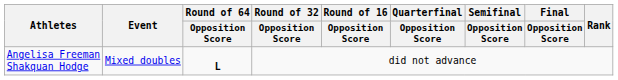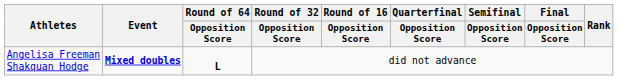 <table class="wikitable" style="font-size:90%">
 <tr>
 <th rowspan=2>Athletes</th>
 <th rowspan=2>Event</th>
 <th>Round of 64</th>
 <th>Round of 32</th>
 <th>Round of 16</th>
 <th>Quarterfinal</th>
 <th>Semifinal</th>
 <th>Final</th>
 <th rowspan=2>Rank</th>
 </tr>
 <tr style="font-size:95%">
 <th>Opposition<br>Score</th>
 <th>Opposition<br>Score</th>
 <th>Opposition<br>Score</th>
 <th>Opposition<br>Score</th>
 <th>Opposition<br>Score</th>
 <th>Opposition<br>Score</th>
 </tr>
 <tr align=center>
 <td align=left><a href='#'>Angelisa Freeman</a><br><a href='#'>Shakquan Hodge</a></td>
-<td align=left><a href='#'>Mixed doubles</a></td>
+<td align=left><strong><a href='#'>Mixed doubles</a></strong></td>
 <td><br><strong>L</strong> </td>
 <td colspan=6>did not advance</td>
 </tr>
 </table>
